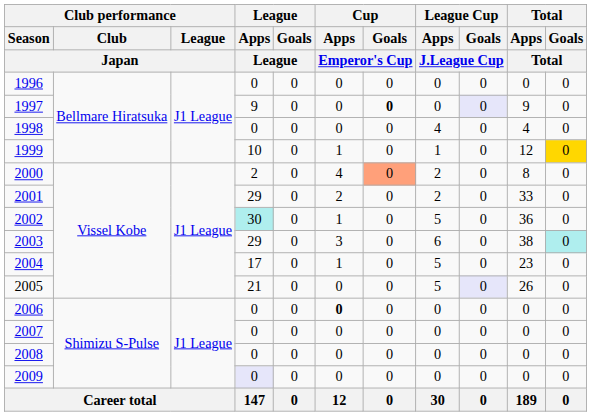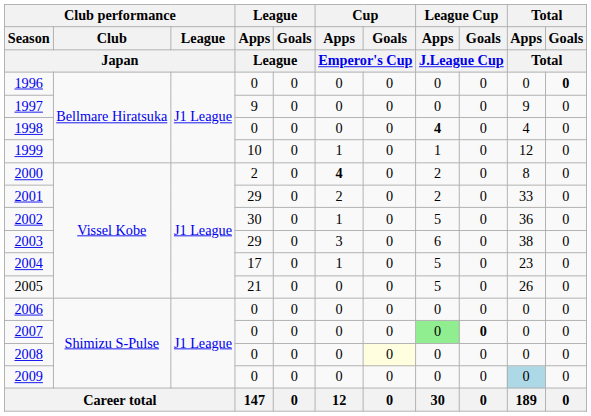 <table class="wikitable" style="text-align:center">
 <tr>
 <th colspan=3>Club performance</th>
 <th colspan=2>League</th>
 <th colspan=2>Cup</th>
 <th colspan=2>League Cup</th>
 <th colspan=2>Total</th>
 </tr>
 <tr>
 <th>Season</th>
 <th>Club</th>
 <th>League</th>
 <th>Apps</th>
 <th>Goals</th>
 <th>Apps</th>
 <th>Goals</th>
 <th>Apps</th>
 <th>Goals</th>
 <th>Apps</th>
 <th>Goals</th>
 </tr>
 <tr>
 <th colspan=3>Japan</th>
 <th colspan=2>League</th>
 <th colspan=2><a href='#'>Emperor's Cup</a></th>
 <th colspan=2><a href='#'>J.League Cup</a></th>
 <th colspan=2>Total</th>
 </tr>
 <tr>
 <td><a href='#'>1996</a></td>
 <td rowspan="4"><a href='#'>Bellmare Hiratsuka</a></td>
 <td rowspan="4"><a href='#'>J1 League</a></td>
 <td>0</td>
 <td>0</td>
 <td>0</td>
 <td>0</td>
 <td>0</td>
 <td>0</td>
 <td>0</td>
-<td>0</td>
+<td><strong>0</strong></td>
 </tr>
 <tr>
 <td><a href='#'>1997</a></td>
 <td>9</td>
 <td>0</td>
 <td>0</td>
-<td><strong>0</strong></td>
 <td>0</td>
-<td style="background: lavender;">0</td>
+<td>0</td>
+<td>0</td>
 <td>9</td>
 <td>0</td>
 </tr>
 <tr>
 <td><a href='#'>1998</a></td>
 <td>0</td>
 <td>0</td>
 <td>0</td>
 <td>0</td>
-<td>4</td>
+<td><strong>4</strong></td>
 <td>0</td>
 <td>4</td>
 <td>0</td>
 </tr>
 <tr>
 <td><a href='#'>1999</a></td>
 <td>10</td>
 <td>0</td>
 <td>1</td>
 <td>0</td>
 <td>1</td>
 <td>0</td>
 <td>12</td>
-<td style="background: gold;">0</td>
+<td>0</td>
 </tr>
 <tr>
 <td><a href='#'>2000</a></td>
 <td rowspan="6"><a href='#'>Vissel Kobe</a></td>
 <td rowspan="6"><a href='#'>J1 League</a></td>
 <td>2</td>
 <td>0</td>
-<td>4</td>
-<td style="background: lightsalmon;">0</td>
+<td><strong>4</strong></td>
+<td>0</td>
 <td>2</td>
 <td>0</td>
 <td>8</td>
 <td>0</td>
 </tr>
 <tr>
 <td><a href='#'>2001</a></td>
 <td>29</td>
 <td>0</td>
 <td>2</td>
 <td>0</td>
 <td>2</td>
 <td>0</td>
 <td>33</td>
 <td>0</td>
 </tr>
 <tr>
 <td><a href='#'>2002</a></td>
-<td style="background: paleturquoise;">30</td>
+<td>30</td>
 <td>0</td>
 <td>1</td>
 <td>0</td>
 <td>5</td>
 <td>0</td>
 <td>36</td>
 <td>0</td>
 </tr>
 <tr>
 <td><a href='#'>2003</a></td>
 <td>29</td>
 <td>0</td>
 <td>3</td>
 <td>0</td>
 <td>6</td>
 <td>0</td>
 <td>38</td>
-<td style="background: paleturquoise;">0</td>
+<td>0</td>
 </tr>
 <tr>
 <td><a href='#'>2004</a></td>
 <td>17</td>
 <td>0</td>
 <td>1</td>
 <td>0</td>
 <td>5</td>
 <td>0</td>
 <td>23</td>
 <td>0</td>
 </tr>
 <tr>
 <td>2005</td>
 <td>21</td>
 <td>0</td>
 <td>0</td>
 <td>0</td>
 <td>5</td>
-<td style="background: lavender;">0</td>
+<td>0</td>
 <td>26</td>
 <td>0</td>
 </tr>
 <tr>
 <td><a href='#'>2006</a></td>
 <td rowspan="4"><a href='#'>Shimizu S-Pulse</a></td>
 <td rowspan="4"><a href='#'>J1 League</a></td>
 <td>0</td>
 <td>0</td>
-<td><strong>0</strong></td>
+<td>0</td>
 <td>0</td>
 <td>0</td>
 <td>0</td>
 <td>0</td>
 <td>0</td>
 </tr>
 <tr>
 <td><a href='#'>2007</a></td>
 <td>0</td>
 <td>0</td>
 <td>0</td>
 <td>0</td>
-<td>0</td>
-<td>0</td>
+<td style="background: lightgreen;">0</td>
+<td><strong>0</strong></td>
 <td>0</td>
 <td>0</td>
 </tr>
 <tr>
 <td><a href='#'>2008</a></td>
 <td>0</td>
 <td>0</td>
 <td>0</td>
-<td>0</td>
+<td style="background: lightyellow;">0</td>
 <td>0</td>
 <td>0</td>
 <td>0</td>
 <td>0</td>
 </tr>
 <tr>
 <td><a href='#'>2009</a></td>
-<td style="background: lavender;">0</td>
 <td>0</td>
 <td>0</td>
 <td>0</td>
 <td>0</td>
 <td>0</td>
 <td>0</td>
+<td style="background: lightblue;">0</td>
 <td>0</td>
 </tr>
 <tr>
 <th colspan=3>Career total</th>
 <th>147</th>
 <th>0</th>
 <th>12</th>
 <th>0</th>
 <th>30</th>
 <th>0</th>
 <th>189</th>
 <th>0</th>
 </tr>
 </table>
